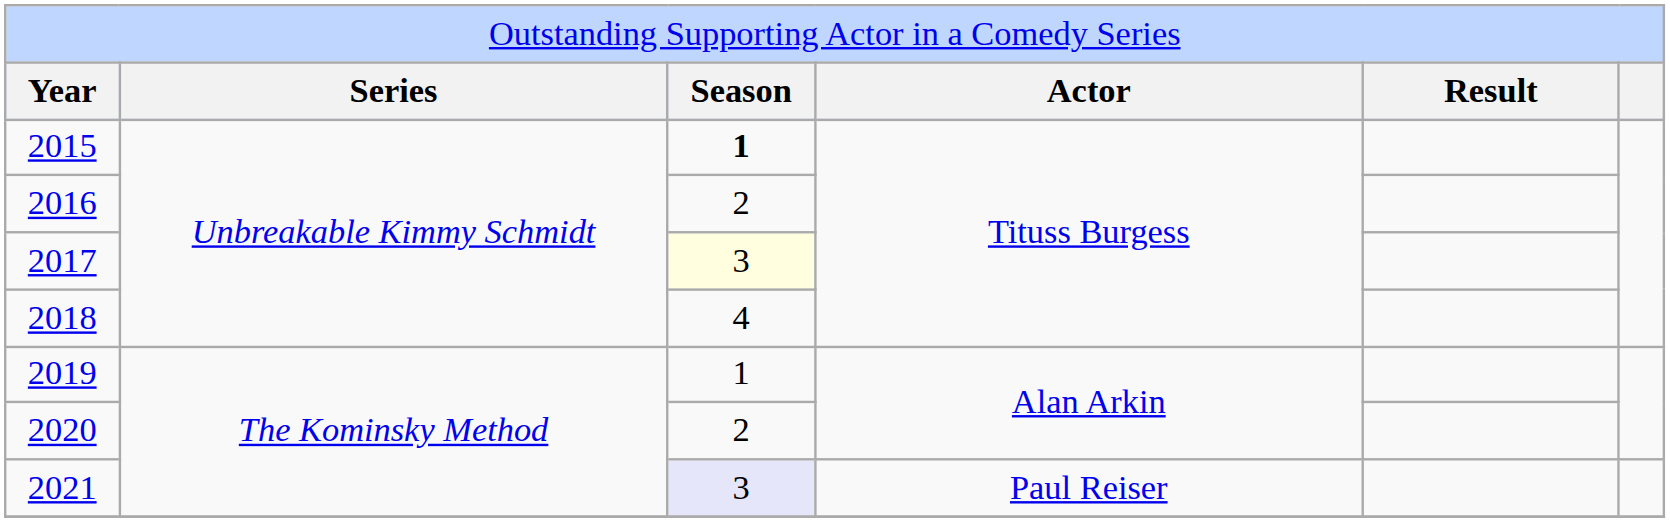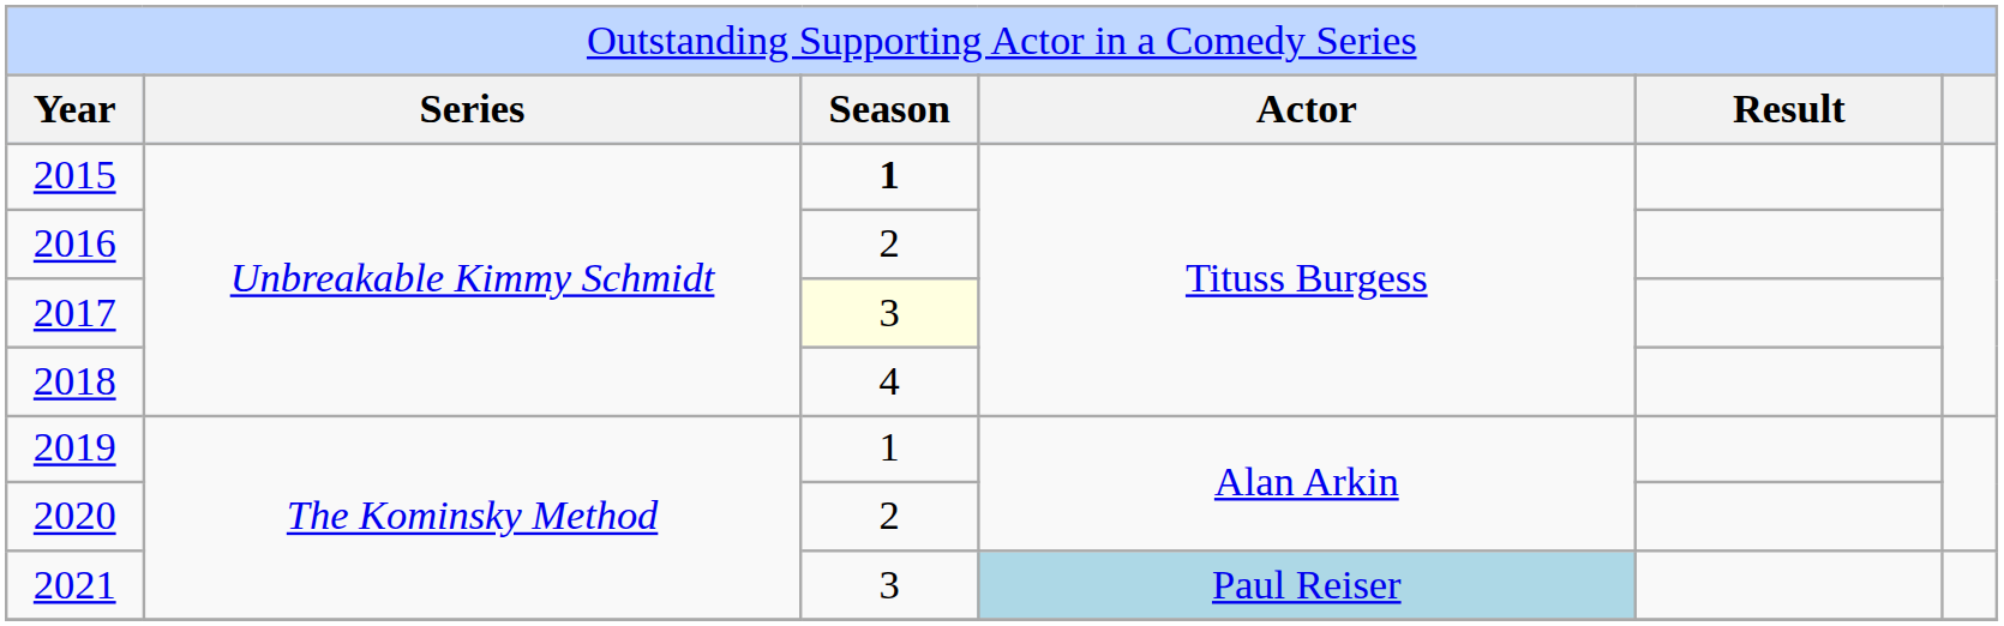 <table class="wikitable plainrowheaders" style="text-align: center; font-size: 90%" width=55%>
 <tr ---- bgcolor="#bfd7ff">
 <td colspan=6 align=center><a href='#'>Outstanding Supporting Actor in a Comedy Series</a></td>
 </tr>
 <tr ---- bgcolor="#bfd7ff">
 <th scope="col" style="width:1%;">Year</th>
 <th scope="col" style="width:12%;">Series</th>
 <th scope="col" style="width:1%;">Season</th>
 <th scope="col" style="width:12%;">Actor</th>
 <th scope="col" style="width:5%;">Result</th>
 <th scope="col" style="width:1%;"></th>
 </tr>
 <tr>
 <td><a href='#'>2015</a></td>
 <td rowspan="4"><em><a href='#'>Unbreakable Kimmy Schmidt</a></em></td>
 <td><strong>1</strong></td>
 <td rowspan="4"><a href='#'>Tituss Burgess</a></td>
 <td></td>
 <td rowspan="4"></td>
 </tr>
 <tr>
 <td><a href='#'>2016</a></td>
 <td>2</td>
 <td></td>
 </tr>
 <tr>
 <td><a href='#'>2017</a></td>
 <td style="background: lightyellow;">3</td>
 <td></td>
 </tr>
 <tr>
 <td><a href='#'>2018</a></td>
 <td>4</td>
 <td></td>
 </tr>
 <tr>
 <td><a href='#'>2019</a></td>
 <td rowspan="3"><em><a href='#'>The Kominsky Method</a></em></td>
 <td>1</td>
 <td rowspan="2"><a href='#'>Alan Arkin</a></td>
 <td></td>
 <td rowspan="2"></td>
 </tr>
 <tr>
 <td><a href='#'>2020</a></td>
 <td>2</td>
 <td></td>
 </tr>
 <tr>
 <td><a href='#'>2021</a></td>
-<td style="background: lavender;">3</td>
-<td><a href='#'>Paul Reiser</a></td>
+<td>3</td>
+<td style="background: lightblue;"><a href='#'>Paul Reiser</a></td>
 <td></td>
 <td></td>
 </tr>
 <tr>
 </tr>
 </table>
